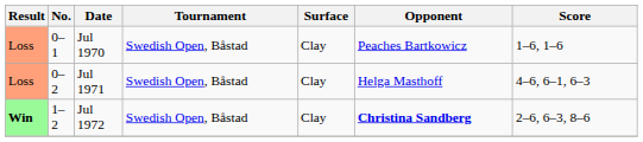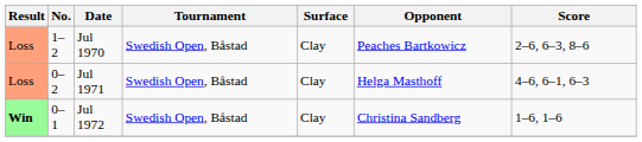 <table class="sortable wikitable">
 <tr>
 <th style="width:40px">Result</th>
 <th style="width:20px">No.</th>
 <th style="width:50px">Date</th>
 <th style="width:200px">Tournament</th>
 <th style="width:60px">Surface</th>
 <th style="width:180px">Opponent</th>
 <th style="width:140px" class="unsortable">Score</th>
 </tr>
 <tr>
 <td style="background:#ffa07a;">Loss</td>
-<td>0–1</td>
+<td>1–2</td>
 <td>Jul 1970</td>
 <td><a href='#'>Swedish Open</a>, Båstad</td>
 <td>Clay</td>
 <td> <a href='#'>Peaches Bartkowicz</a></td>
-<td>1–6, 1–6</td>
+<td>2–6, 6–3, 8–6</td>
 </tr>
 <tr>
 <td style="background:#ffa07a;">Loss</td>
 <td>0–2</td>
 <td>Jul 1971</td>
 <td><a href='#'>Swedish Open</a>, Båstad</td>
 <td>Clay</td>
 <td> <a href='#'>Helga Masthoff</a></td>
 <td>4–6, 6–1, 6–3</td>
 </tr>
 <tr>
 <td style="background:#98fb98;"><strong>Win</strong></td>
-<td>1–2</td>
+<td>0–1</td>
 <td>Jul 1972</td>
 <td><a href='#'>Swedish Open</a>, Båstad</td>
 <td>Clay</td>
-<td><strong> <a href='#'>Christina Sandberg</a></strong></td>
-<td>2–6, 6–3, 8–6</td>
+<td> <a href='#'>Christina Sandberg</a></td>
+<td>1–6, 1–6</td>
 </tr>
 <tr>
 </tr>
 </table>
